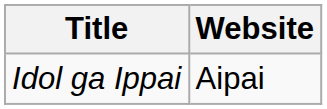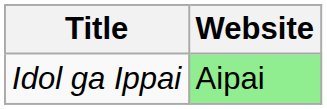 <table class="wikitable">
 <tr>
 <th>Title</th>
 <th>Website</th>
 </tr>
 <tr>
 <td><em>Idol ga Ippai</em></td>
-<td>Aipai</td>
+<td style="background: lightgreen;">Aipai</td>
 </tr>
 </table>
